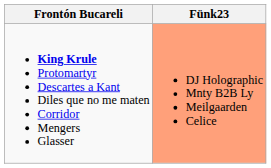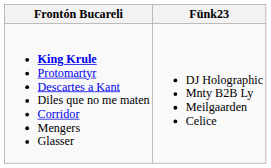 <table class="wikitable">
 <tr>
 <th>Frontón Bucareli</th>
 <th>F<strong>ü</strong>nk23</th>
 </tr>
 <tr>
 <td><br><ul><li><strong><a href='#'>King Krule</a></strong></li><li><a href='#'>Protomartyr</a></li><li><a href='#'>Descartes a Kant</a></li><li>Diles que no me maten</li><li><a href='#'>Corridor</a></li><li>Mengers</li><li>Glasser</li></ul></td>
-<td style="background: lightsalmon;"><br><ul><li>DJ Holographic</li><li>Mnty B2B Ly</li><li>Meilgaarden</li><li>Celice</li></ul></td>
+<td><br><ul><li>DJ Holographic</li><li>Mnty B2B Ly</li><li>Meilgaarden</li><li>Celice</li></ul></td>
 </tr>
 </table>
